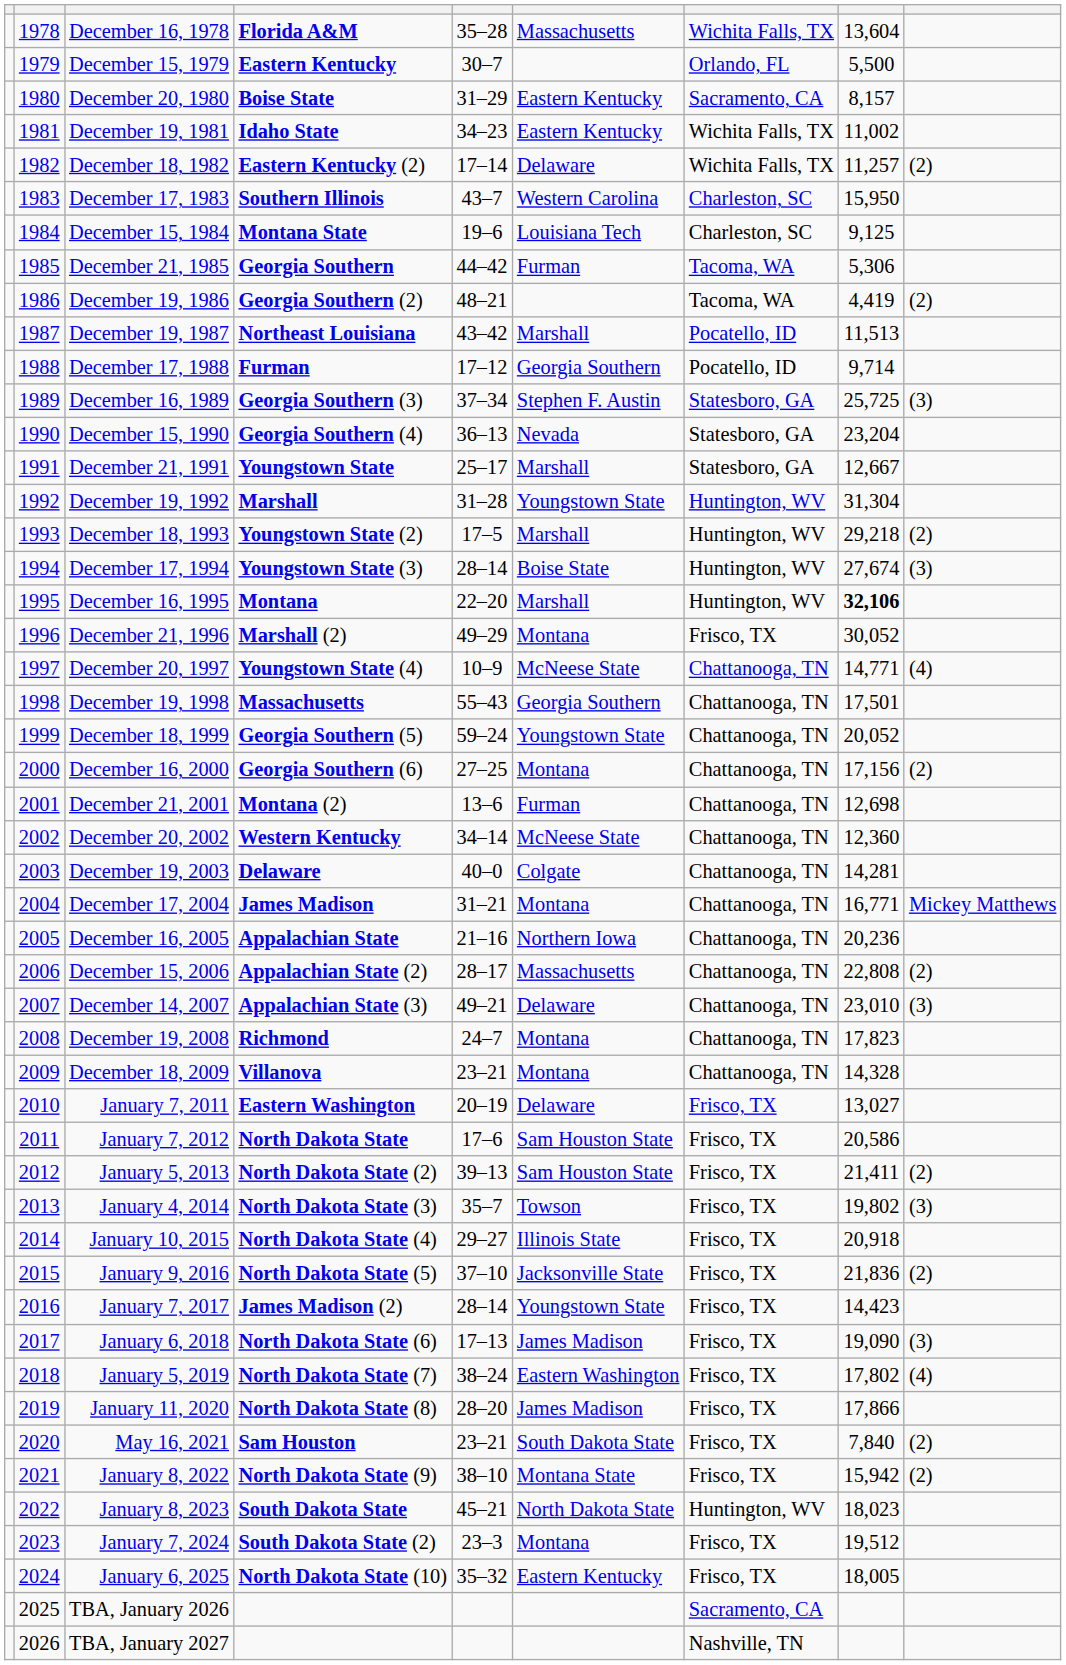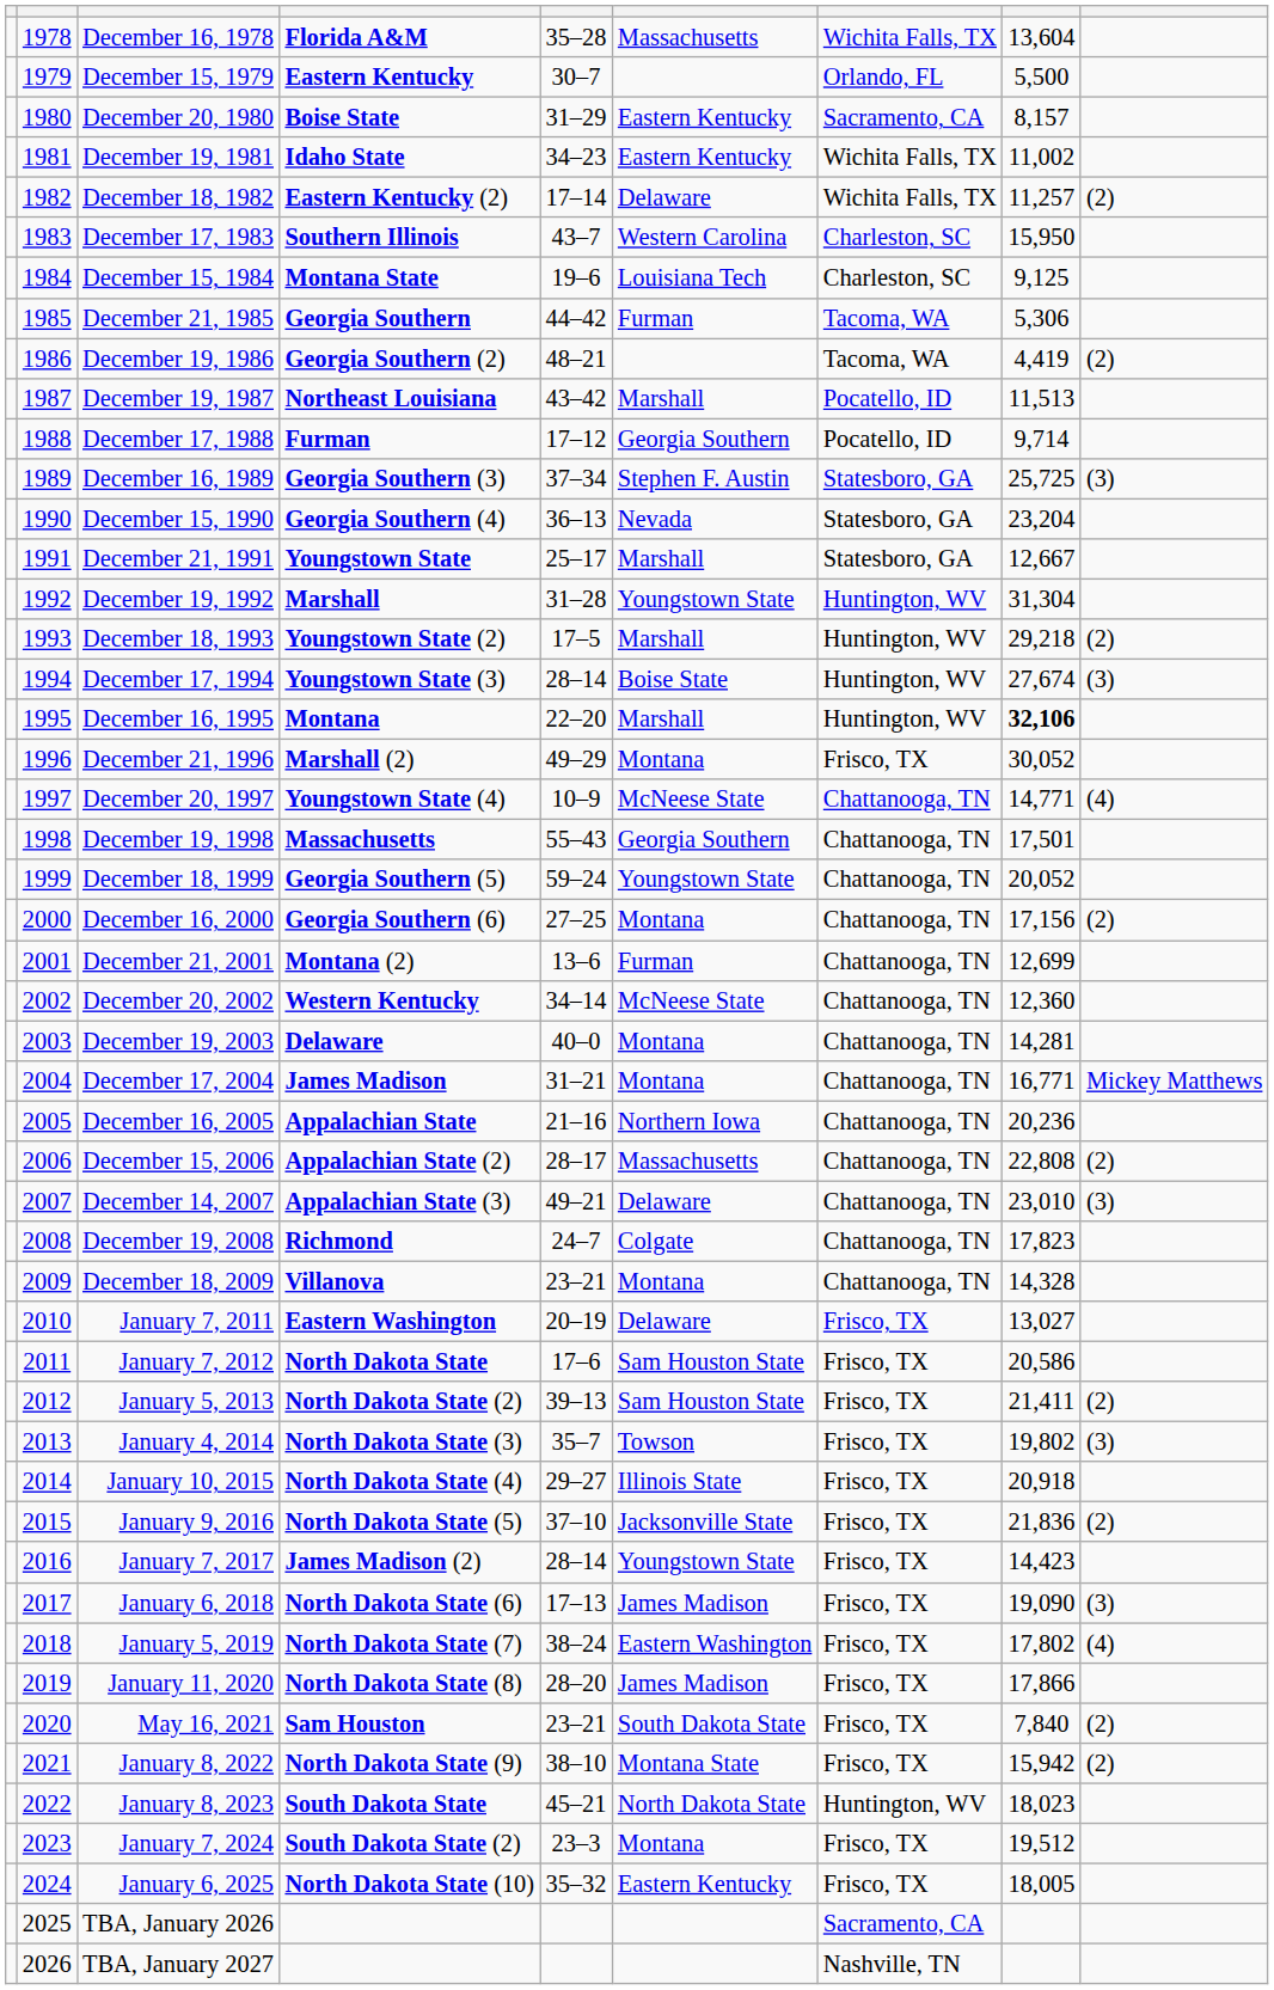 <table class="wikitable sortable"; style= "font-size:95%">
 <tr>
 <th></th>
 <th></th>
 <th></th>
 <th></th>
 <th></th>
 <th></th>
 <th></th>
 <th></th>
 <th></th>
 </tr>
 <tr>
 <td></td>
 <td align=center><a href='#'>1978</a></td>
 <td><a href='#'>December 16, 1978</a></td>
 <td><a href='#'><strong>Florida A&M</strong></a></td>
 <td align=center>35–28</td>
 <td><a href='#'>Massachusetts</a></td>
 <td><a href='#'>Wichita Falls, TX</a></td>
 <td align=center>13,604</td>
 <td></td>
 </tr>
 <tr>
 <td></td>
 <td align=center><a href='#'>1979</a></td>
 <td><a href='#'>December 15, 1979</a></td>
 <td><a href='#'><strong>Eastern Kentucky</strong></a></td>
 <td align=center>30–7</td>
 <td></td>
 <td><a href='#'>Orlando, FL</a></td>
 <td align=center>5,500</td>
 <td></td>
 </tr>
 <tr>
 <td></td>
 <td align=center><a href='#'>1980</a></td>
 <td><a href='#'>December 20, 1980</a></td>
 <td><strong><a href='#'>Boise State</a></strong></td>
 <td align=center>31–29</td>
 <td><a href='#'>Eastern Kentucky</a></td>
 <td><a href='#'>Sacramento, CA</a></td>
 <td align=center>8,157</td>
 <td></td>
 </tr>
 <tr>
 <td></td>
 <td align=center><a href='#'>1981</a></td>
 <td><a href='#'>December 19, 1981</a></td>
 <td><a href='#'><strong>Idaho State</strong></a></td>
 <td align=center>34–23</td>
 <td><a href='#'>Eastern Kentucky</a></td>
 <td>Wichita Falls, TX</td>
 <td align=center>11,002</td>
 <td></td>
 </tr>
 <tr>
 <td></td>
 <td align=center><a href='#'>1982</a></td>
 <td><a href='#'>December 18, 1982</a></td>
 <td><a href='#'><strong>Eastern Kentucky</strong></a> (2)</td>
 <td align=center>17–14</td>
 <td><a href='#'>Delaware</a></td>
 <td>Wichita Falls, TX</td>
 <td align=center>11,257</td>
 <td> (2)</td>
 </tr>
 <tr>
 <td></td>
 <td align=center><a href='#'>1983</a></td>
 <td><a href='#'>December 17, 1983</a></td>
 <td><a href='#'><strong>Southern Illinois</strong></a></td>
 <td align=center>43–7</td>
 <td><a href='#'>Western Carolina</a></td>
 <td><a href='#'>Charleston, SC</a></td>
 <td align=center>15,950</td>
 <td></td>
 </tr>
 <tr>
 <td></td>
 <td align=center><a href='#'>1984</a></td>
 <td><a href='#'>December 15, 1984</a></td>
 <td><strong><a href='#'>Montana State</a></strong></td>
 <td align=center>19–6</td>
 <td><a href='#'>Louisiana Tech</a></td>
 <td>Charleston, SC</td>
 <td align=center>9,125</td>
 <td></td>
 </tr>
 <tr>
 <td></td>
 <td align=center><a href='#'>1985</a></td>
 <td><a href='#'>December 21, 1985</a></td>
 <td><a href='#'><strong>Georgia Southern</strong></a></td>
 <td align=center>44–42</td>
 <td><a href='#'>Furman</a></td>
 <td><a href='#'>Tacoma, WA</a></td>
 <td align=center>5,306</td>
 <td></td>
 </tr>
 <tr>
 <td></td>
 <td align=center><a href='#'>1986</a></td>
 <td><a href='#'>December 19, 1986</a></td>
 <td><a href='#'><strong>Georgia Southern</strong></a> (2)</td>
 <td align=center>48–21</td>
 <td></td>
 <td>Tacoma, WA</td>
 <td align=center>4,419</td>
 <td> (2)</td>
 </tr>
 <tr>
 <td></td>
 <td align=center><a href='#'>1987</a></td>
 <td><a href='#'>December 19, 1987</a></td>
 <td><strong><a href='#'>Northeast Louisiana</a></strong></td>
 <td align=center>43–42</td>
 <td><a href='#'>Marshall</a></td>
 <td><a href='#'>Pocatello, ID</a></td>
 <td align=center>11,513</td>
 <td></td>
 </tr>
 <tr>
 <td></td>
 <td align=center><a href='#'>1988</a></td>
 <td><a href='#'>December 17, 1988</a></td>
 <td><a href='#'><strong>Furman</strong></a></td>
 <td align=center>17–12</td>
 <td><a href='#'>Georgia Southern</a></td>
 <td>Pocatello, ID</td>
 <td align=center>9,714</td>
 <td></td>
 </tr>
 <tr>
 <td></td>
 <td align=center><a href='#'>1989</a></td>
 <td><a href='#'>December 16, 1989</a></td>
 <td><a href='#'><strong>Georgia Southern</strong></a> (3)</td>
 <td align=center>37–34</td>
 <td><a href='#'>Stephen F. Austin</a></td>
 <td><a href='#'>Statesboro, GA</a></td>
 <td align=center>25,725</td>
 <td> (3)</td>
 </tr>
 <tr>
 <td></td>
 <td align=center><a href='#'>1990</a></td>
 <td><a href='#'>December 15, 1990</a></td>
 <td><a href='#'><strong>Georgia Southern</strong></a> (4)</td>
 <td align=center>36–13</td>
 <td><a href='#'>Nevada</a></td>
 <td>Statesboro, GA</td>
 <td align=center>23,204</td>
 <td></td>
 </tr>
 <tr>
 <td></td>
 <td align=center><a href='#'>1991</a></td>
 <td><a href='#'>December 21, 1991</a></td>
 <td><a href='#'><strong>Youngstown State</strong></a></td>
 <td align=center>25–17</td>
 <td><a href='#'>Marshall</a></td>
 <td>Statesboro, GA</td>
 <td align=center>12,667</td>
 <td></td>
 </tr>
 <tr>
 <td></td>
 <td align=center><a href='#'>1992</a></td>
 <td><a href='#'>December 19, 1992</a></td>
 <td><strong><a href='#'>Marshall</a></strong></td>
 <td align=center>31–28</td>
 <td><a href='#'>Youngstown State</a></td>
 <td><a href='#'>Huntington, WV</a></td>
 <td align=center>31,304</td>
 <td></td>
 </tr>
 <tr>
 <td></td>
 <td align=center><a href='#'>1993</a></td>
 <td><a href='#'>December 18, 1993</a></td>
 <td><a href='#'><strong>Youngstown State</strong></a> (2)</td>
 <td align=center>17–5</td>
 <td><a href='#'>Marshall</a></td>
 <td>Huntington, WV</td>
 <td align=center>29,218</td>
 <td> (2)</td>
 </tr>
 <tr>
 <td></td>
 <td align=center><a href='#'>1994</a></td>
 <td><a href='#'>December 17, 1994</a></td>
 <td><a href='#'><strong>Youngstown State</strong></a> (3)</td>
 <td align=center>28–14</td>
 <td><a href='#'>Boise State</a></td>
 <td>Huntington, WV</td>
 <td align=center>27,674</td>
 <td> (3)</td>
 </tr>
 <tr>
 <td></td>
 <td align=center><a href='#'>1995</a></td>
 <td><a href='#'>December 16, 1995</a></td>
 <td><strong><a href='#'>Montana</a></strong></td>
 <td align=center>22–20</td>
 <td><a href='#'>Marshall</a></td>
 <td>Huntington, WV</td>
 <td align=center><strong>32,106</strong></td>
 <td></td>
 </tr>
 <tr>
 <td></td>
 <td align=center><a href='#'>1996</a></td>
 <td><a href='#'>December 21, 1996</a></td>
 <td><strong><a href='#'>Marshall</a></strong> (2)</td>
 <td align=center>49–29</td>
 <td><a href='#'>Montana</a></td>
 <td>Frisco, TX</td>
 <td align=center>30,052</td>
 <td></td>
 </tr>
 <tr>
 <td></td>
 <td align=center><a href='#'>1997</a></td>
 <td><a href='#'>December 20, 1997</a></td>
 <td><a href='#'><strong>Youngstown State</strong></a> (4)</td>
 <td align=center>10–9</td>
 <td><a href='#'>McNeese State</a></td>
 <td><a href='#'>Chattanooga, TN</a></td>
 <td align=center>14,771</td>
 <td> (4)</td>
 </tr>
 <tr>
 <td></td>
 <td align=center><a href='#'>1998</a></td>
 <td><a href='#'>December 19, 1998</a></td>
 <td><strong><a href='#'>Massachusetts</a></strong></td>
 <td align=center>55–43</td>
 <td><a href='#'>Georgia Southern</a></td>
 <td>Chattanooga, TN</td>
 <td align=center>17,501</td>
 <td></td>
 </tr>
 <tr>
 <td></td>
 <td align=center><a href='#'>1999</a></td>
 <td><a href='#'>December 18, 1999</a></td>
 <td><a href='#'><strong>Georgia Southern</strong></a> (5)</td>
 <td align=center>59–24</td>
 <td><a href='#'>Youngstown State</a></td>
 <td>Chattanooga, TN</td>
 <td align=center>20,052</td>
 <td></td>
 </tr>
 <tr>
 <td></td>
 <td align=center><a href='#'>2000</a></td>
 <td><a href='#'>December 16, 2000</a></td>
 <td><a href='#'><strong>Georgia Southern</strong></a> (6)</td>
 <td align=center>27–25</td>
 <td><a href='#'>Montana</a></td>
 <td>Chattanooga, TN</td>
 <td align=center>17,156</td>
 <td> (2)</td>
 </tr>
 <tr>
 <td></td>
 <td align=center><a href='#'>2001</a></td>
 <td><a href='#'>December 21, 2001</a></td>
 <td><strong><a href='#'>Montana</a></strong> (2)</td>
 <td align=center>13–6</td>
 <td><a href='#'>Furman</a></td>
 <td>Chattanooga, TN</td>
-<td align=center>12,698</td>
+<td align=center>12,699</td>
 <td></td>
 </tr>
 <tr>
 <td></td>
 <td align=center><a href='#'>2002</a></td>
 <td><a href='#'>December 20, 2002</a></td>
 <td><a href='#'><strong>Western Kentucky</strong></a></td>
 <td align=center>34–14</td>
 <td><a href='#'>McNeese State</a></td>
 <td>Chattanooga, TN</td>
 <td align=center>12,360</td>
 <td></td>
 </tr>
 <tr>
 <td></td>
 <td align=center><a href='#'>2003</a></td>
 <td><a href='#'>December 19, 2003</a></td>
 <td><strong><a href='#'>Delaware</a></strong></td>
 <td align=center>40–0</td>
-<td><a href='#'>Colgate</a></td>
+<td><a href='#'>Montana</a></td>
 <td>Chattanooga, TN</td>
 <td align=center>14,281</td>
 <td></td>
 </tr>
 <tr>
 <td></td>
 <td align=center><a href='#'>2004</a></td>
 <td><a href='#'>December 17, 2004</a></td>
 <td><a href='#'><strong>James Madison</strong></a></td>
 <td align=center>31–21</td>
 <td><a href='#'>Montana</a></td>
 <td>Chattanooga, TN</td>
 <td align=center>16,771</td>
 <td><a href='#'>Mickey Matthews</a></td>
 </tr>
 <tr>
 <td></td>
 <td align=center><a href='#'>2005</a></td>
 <td><a href='#'>December 16, 2005</a></td>
 <td><strong><a href='#'>Appalachian State</a></strong></td>
 <td align=center>21–16</td>
 <td><a href='#'>Northern Iowa</a></td>
 <td>Chattanooga, TN</td>
 <td align=center>20,236</td>
 <td></td>
 </tr>
 <tr>
 <td></td>
 <td align=center><a href='#'>2006</a></td>
 <td><a href='#'>December 15, 2006</a></td>
 <td><strong><a href='#'>Appalachian State</a></strong> (2)</td>
 <td align=center>28–17</td>
 <td><a href='#'>Massachusetts</a></td>
 <td>Chattanooga, TN</td>
 <td align=center>22,808</td>
 <td> (2)</td>
 </tr>
 <tr>
 <td></td>
 <td align=center><a href='#'>2007</a></td>
 <td><a href='#'>December 14, 2007</a></td>
 <td><strong><a href='#'>Appalachian State</a></strong> (3)</td>
 <td align=center>49–21</td>
 <td><a href='#'>Delaware</a></td>
 <td>Chattanooga, TN</td>
 <td align=center>23,010</td>
 <td> (3)</td>
 </tr>
 <tr>
 <td></td>
 <td align=center><a href='#'>2008</a></td>
 <td><a href='#'>December 19, 2008</a></td>
 <td><strong><a href='#'>Richmond</a></strong></td>
 <td align=center>24–7</td>
-<td><a href='#'>Montana</a></td>
+<td><a href='#'>Colgate</a></td>
 <td>Chattanooga, TN</td>
 <td align=center>17,823</td>
 <td></td>
 </tr>
 <tr>
 <td></td>
 <td align=center><a href='#'>2009</a></td>
 <td><a href='#'>December 18, 2009</a></td>
 <td><strong><a href='#'>Villanova</a></strong></td>
 <td align=center>23–21</td>
 <td><a href='#'>Montana</a></td>
 <td>Chattanooga, TN</td>
 <td align=center>14,328</td>
 <td></td>
 </tr>
 <tr>
 <td></td>
 <td align=center><a href='#'>2010</a></td>
 <td align=right><a href='#'>January 7, 2011</a></td>
 <td><strong><a href='#'>Eastern Washington</a></strong></td>
 <td align=center>20–19</td>
 <td><a href='#'>Delaware</a></td>
 <td><a href='#'>Frisco, TX</a></td>
 <td align=center>13,027</td>
 <td></td>
 </tr>
 <tr>
 <td></td>
 <td align=center><a href='#'>2011</a></td>
 <td align=right><a href='#'>January 7, 2012</a></td>
 <td><strong><a href='#'>North Dakota State</a></strong></td>
 <td align=center>17–6</td>
 <td><a href='#'>Sam Houston State</a></td>
 <td>Frisco, TX</td>
 <td align=center>20,586</td>
 <td></td>
 </tr>
 <tr>
 <td></td>
 <td align=center><a href='#'>2012</a></td>
 <td align=right><a href='#'>January 5, 2013</a></td>
 <td><strong><a href='#'>North Dakota State</a></strong> (2)</td>
 <td align=center>39–13</td>
 <td><a href='#'>Sam Houston State</a></td>
 <td>Frisco, TX</td>
 <td align=center>21,411</td>
 <td> (2)</td>
 </tr>
 <tr>
 <td></td>
 <td align=center><a href='#'>2013</a></td>
 <td align=right><a href='#'>January 4, 2014</a></td>
 <td><strong><a href='#'>North Dakota State</a></strong> (3)</td>
 <td align=center>35–7</td>
 <td><a href='#'>Towson</a></td>
 <td>Frisco, TX</td>
 <td align=center>19,802</td>
 <td> (3)</td>
 </tr>
 <tr>
 <td></td>
 <td align=center><a href='#'>2014</a></td>
 <td align=right><a href='#'>January 10, 2015</a></td>
 <td><strong><a href='#'>North Dakota State</a></strong> (4)</td>
 <td align=center>29–27</td>
 <td><a href='#'>Illinois State</a></td>
 <td>Frisco, TX</td>
 <td align=center>20,918</td>
 <td></td>
 </tr>
 <tr>
 <td></td>
 <td align=center><a href='#'>2015</a></td>
 <td align=right><a href='#'>January 9, 2016</a></td>
 <td><strong><a href='#'>North Dakota State</a></strong> (5)</td>
 <td align=center>37–10</td>
 <td><a href='#'>Jacksonville State</a></td>
 <td>Frisco, TX</td>
 <td align=center>21,836</td>
 <td> (2)</td>
 </tr>
 <tr>
 <td></td>
 <td align=center><a href='#'>2016</a></td>
 <td align=right><a href='#'>January 7, 2017</a></td>
 <td><strong><a href='#'>James Madison</a></strong> (2)</td>
 <td align=center>28–14</td>
 <td><a href='#'>Youngstown State</a></td>
 <td>Frisco, TX</td>
 <td align=center>14,423</td>
 <td></td>
 </tr>
 <tr>
 <td></td>
 <td align=center><a href='#'>2017</a></td>
 <td align=right><a href='#'>January 6, 2018</a></td>
 <td><strong><a href='#'>North Dakota State</a></strong> (6)</td>
 <td align=center>17–13</td>
 <td><a href='#'>James Madison</a></td>
 <td>Frisco, TX</td>
 <td align=center>19,090</td>
 <td> (3)</td>
 </tr>
 <tr>
 <td></td>
 <td align=center><a href='#'>2018</a></td>
 <td align=right><a href='#'>January 5, 2019</a></td>
 <td><strong><a href='#'>North Dakota State</a></strong> (7)</td>
 <td align=center>38–24</td>
 <td><a href='#'>Eastern Washington</a></td>
 <td>Frisco, TX</td>
 <td align=center>17,802</td>
 <td> (4)</td>
 </tr>
 <tr>
 <td></td>
 <td align=center><a href='#'>2019</a></td>
 <td align=right><a href='#'>January 11, 2020</a></td>
 <td><strong><a href='#'>North Dakota State</a></strong> (8)</td>
 <td align=center>28–20</td>
 <td><a href='#'>James Madison</a></td>
 <td>Frisco, TX</td>
 <td align=center>17,866</td>
 <td></td>
 </tr>
 <tr>
 <td></td>
 <td align=center><a href='#'>2020</a></td>
 <td align=right><a href='#'>May 16, 2021</a></td>
 <td><strong><a href='#'>Sam Houston</a></strong></td>
 <td align=center>23–21</td>
 <td><a href='#'>South Dakota State</a></td>
 <td>Frisco, TX</td>
 <td align=center>7,840</td>
 <td> (2)</td>
 </tr>
 <tr>
 <td></td>
 <td align=center><a href='#'>2021</a></td>
 <td align=right><a href='#'>January 8, 2022</a></td>
 <td><strong><a href='#'>North Dakota State</a></strong> (9)</td>
 <td align=center>38–10</td>
 <td><a href='#'>Montana State</a></td>
 <td>Frisco, TX</td>
 <td align=center>15,942</td>
 <td> (2)</td>
 </tr>
 <tr>
 <td></td>
 <td align=center><a href='#'>2022</a></td>
 <td align=right><a href='#'>January 8, 2023</a></td>
 <td><strong><a href='#'>South Dakota State</a></strong></td>
 <td align=center>45–21</td>
 <td><a href='#'>North Dakota State</a></td>
 <td>Huntington, WV</td>
 <td align=center>18,023</td>
 <td></td>
 </tr>
 <tr>
 <td></td>
 <td align=center><a href='#'>2023</a></td>
 <td align=right><a href='#'>January 7, 2024</a></td>
 <td><strong><a href='#'>South Dakota State</a></strong> (2)</td>
 <td align=center>23–3</td>
 <td><a href='#'>Montana</a></td>
 <td>Frisco, TX</td>
 <td align=center>19,512</td>
 <td></td>
 </tr>
 <tr>
 <td></td>
 <td align=center><a href='#'>2024</a></td>
 <td align=right><a href='#'>January 6, 2025</a></td>
 <td><strong><a href='#'>North Dakota State</a></strong> (10)</td>
 <td align=center>35–32</td>
 <td><a href='#'>Eastern Kentucky</a></td>
 <td>Frisco, TX</td>
 <td align=center>18,005</td>
 <td></td>
 </tr>
 <tr>
 <td></td>
 <td align=center>2025</td>
 <td align=right>TBA, January 2026</td>
 <td></td>
 <td align=center></td>
 <td></td>
 <td><a href='#'>Sacramento, CA</a></td>
 <td align=center></td>
 <td></td>
 </tr>
 <tr>
 <td></td>
 <td align=center>2026</td>
 <td align=right>TBA, January 2027</td>
 <td></td>
 <td align=center></td>
 <td></td>
 <td>Nashville, TN</td>
 <td align=center></td>
 <td></td>
 </tr>
 </table>
